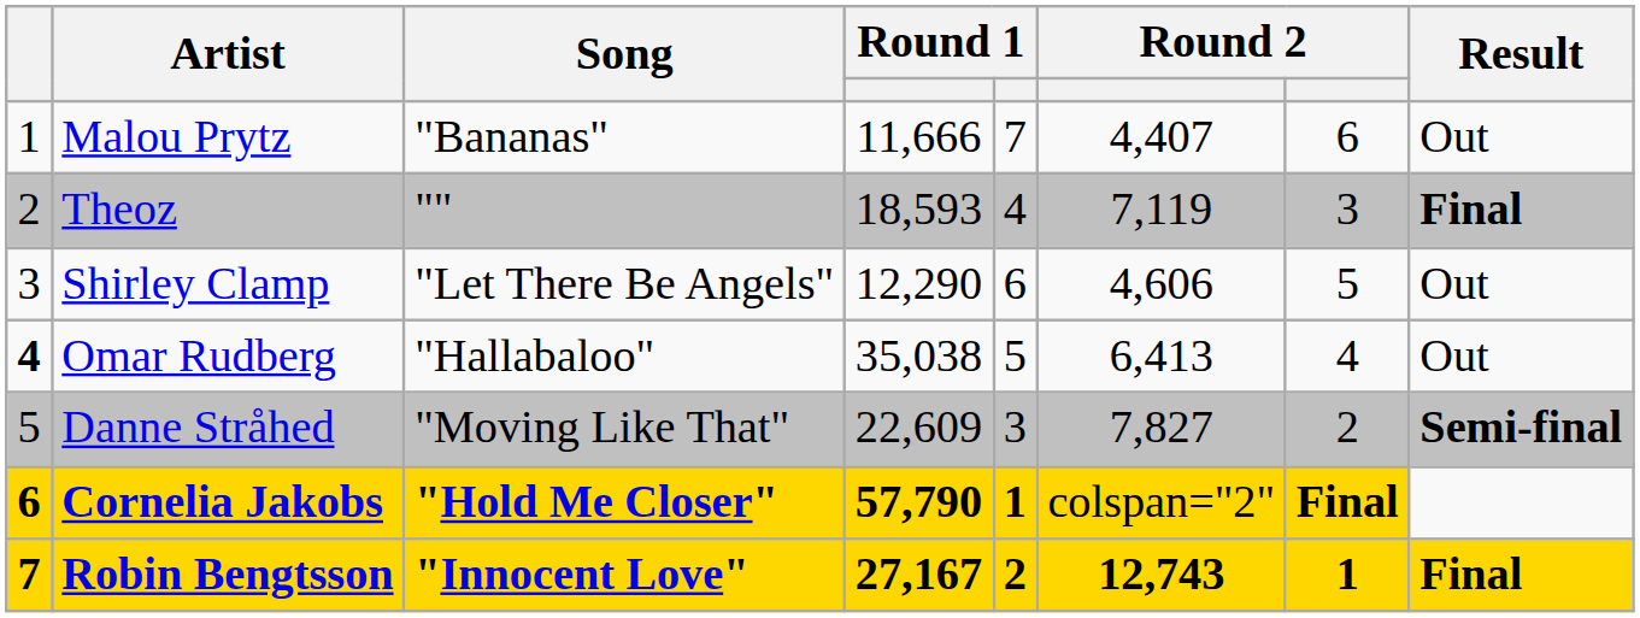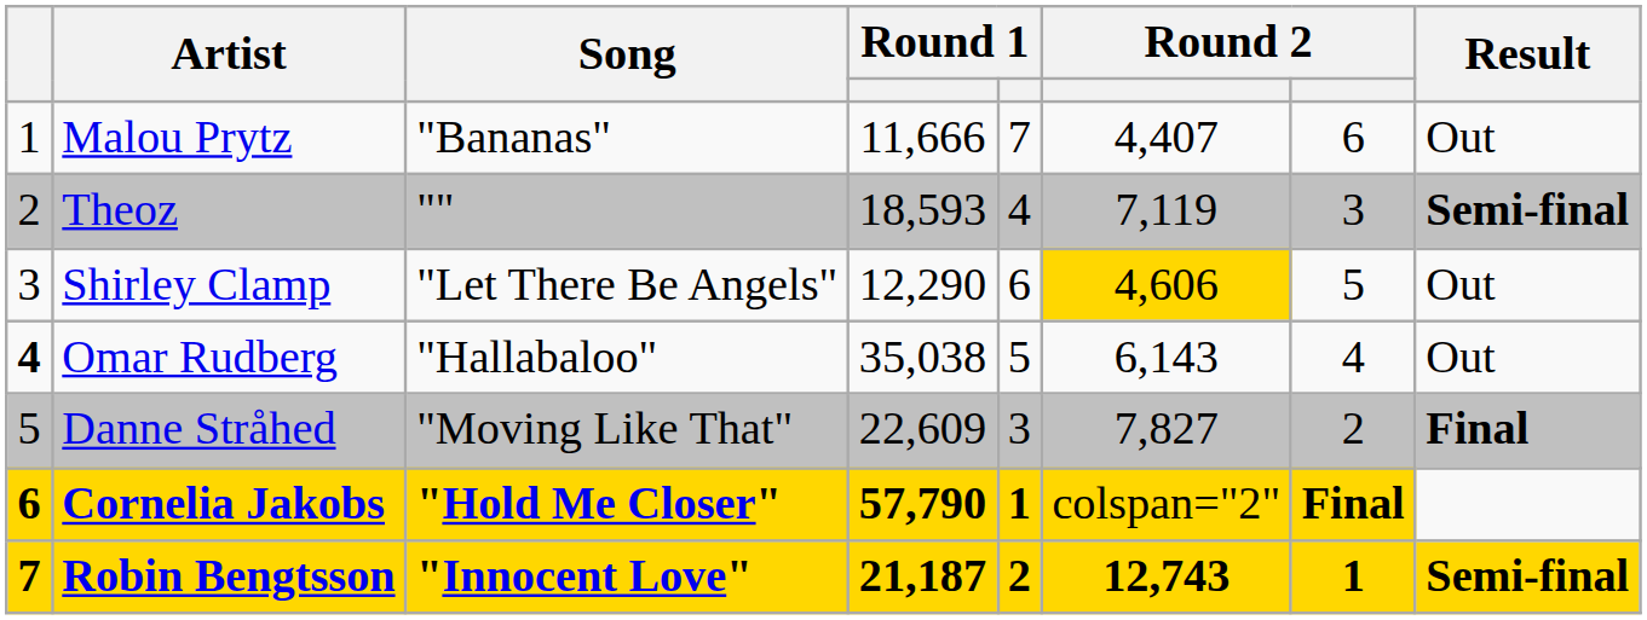 <table class="sortable wikitable" style="margin: 1em auto 1em auto; text-align:center;">
 <tr>
 <th rowspan="2"></th>
 <th rowspan="2">Artist</th>
 <th rowspan="2">Song</th>
 <th colspan="2">Round 1</th>
 <th colspan="2">Round 2</th>
 <th rowspan="2">Result</th>
 </tr>
 <tr>
 <th><small></small></th>
 <th><small></small></th>
 <th><small></small></th>
 <th><small></small></th>
 </tr>
 <tr>
 <td>1</td>
 <td align="left"><a href='#'>Malou Prytz</a></td>
 <td align="left">"Bananas"</td>
 <td>11,666</td>
 <td>7</td>
 <td>4,407</td>
 <td>6</td>
 <td align="left">Out</td>
 </tr>
 <tr style="background:silver;">
 <td>2</td>
 <td align="left"><a href='#'>Theoz</a></td>
 <td align="left">""</td>
 <td>18,593</td>
 <td>4</td>
 <td>7,119</td>
 <td>3</td>
-<td style="font-weight:bold; text-align:left;">Final</td>
+<td align="left"><strong>Semi-final</strong></td>
 </tr>
 <tr>
 <td>3</td>
 <td align="left"><a href='#'>Shirley Clamp</a></td>
 <td align="left">"Let There Be Angels"</td>
 <td>12,290</td>
 <td>6</td>
-<td>4,606</td>
+<td style="background: gold;">4,606</td>
 <td>5</td>
 <td align="left">Out</td>
 </tr>
 <tr>
 <td><strong>4</strong></td>
 <td align="left"><a href='#'>Omar Rudberg</a></td>
 <td align="left">"Hallabaloo"</td>
 <td>35,038</td>
 <td>5</td>
-<td>6,413</td>
+<td>6,143</td>
 <td>4</td>
 <td align="left">Out</td>
 </tr>
 <tr style="background:silver;">
 <td>5</td>
 <td align="left"><a href='#'>Danne Stråhed</a></td>
 <td align="left">"Moving Like That"</td>
 <td>22,609</td>
 <td>3</td>
 <td>7,827</td>
 <td>2</td>
-<td align="left"><strong>Semi-final</strong></td>
+<td style="font-weight:bold; text-align:left;">Final</td>
 </tr>
 <tr style="background:gold;">
 <td><strong>6</strong></td>
 <td style="font-weight:bold; text-align:left;"><a href='#'>Cornelia Jakobs</a></td>
 <td style="font-weight:bold; text-align:left;">"<a href='#'>Hold Me Closer</a>"</td>
 <td><strong>57,790</strong></td>
 <td><strong>1</strong></td>
 <td>colspan="2" </td>
 <td style="font-weight:bold; text-align:left;">Final</td>
 </tr>
 <tr style="background:gold;">
 <td><strong>7</strong></td>
 <td style="font-weight:bold; text-align:left;"><a href='#'>Robin Bengtsson</a></td>
 <td style="font-weight:bold; text-align:left;">"<a href='#'>Innocent Love</a>"</td>
-<td><strong>27,167</strong></td>
+<td><strong>21,187</strong></td>
 <td><strong>2</strong></td>
 <td><strong>12,743</strong></td>
 <td><strong>1</strong></td>
-<td style="font-weight:bold; text-align:left;">Final</td>
+<td align="left"><strong>Semi-final</strong></td>
 </tr>
 </table>
